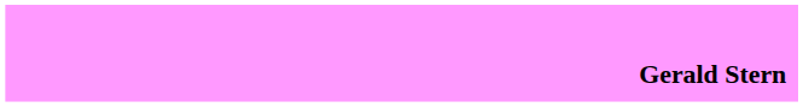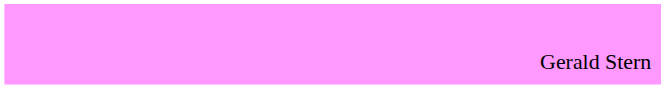 <table class="toccolours" style="float: right; margin-left: 2em; margin-right: 1em; font-size: 90%; background: #FF99FF; width:30em; max-width: 40%;" cellspacing="5">
 <tr>
 <td style="text-align: left;"><br></td>
 </tr>
 <tr>
-<td style="text-align: right;"><strong>Gerald Stern</strong></td>
+<td style="text-align: right;">Gerald Stern</td>
 </tr>
 </table>
